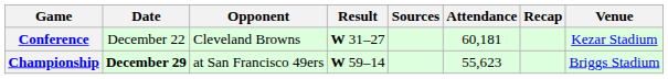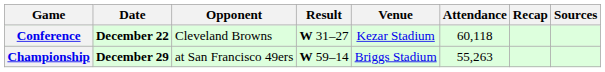 <table class="wikitable" style="text-align:center">
 <tr>
 <th>Game</th>
 <th>Date</th>
 <th>Opponent</th>
 <th>Result</th>
-<th>Sources</th>
+<th>Venue</th>
 <th>Attendance</th>
 <th>Recap</th>
-<th>Venue</th>
+<th>Sources</th>
 </tr>
 <tr style="background: #ddffdd;">
 <th><a href='#'>Conference</a></th>
-<td>December 22</td>
+<td><strong>December 22</strong></td>
 <td style="text-align: left;">Cleveland Browns</td>
 <td><strong>W</strong> 31–27</td>
+<td><a href='#'>Kezar Stadium</a></td>
+<td>60,118</td>
 <td></td>
-<td>60,181</td>
 <td></td>
-<td><a href='#'>Kezar Stadium</a></td>
 </tr>
 <tr style="background: #ddffdd;">
 <th><a href='#'>Championship</a></th>
 <td><strong>December 29</strong></td>
 <td style="text-align: left;">at San Francisco 49ers</td>
 <td><strong>W</strong> 59–14</td>
+<td><a href='#'>Briggs Stadium</a></td>
+<td>55,263</td>
 <td></td>
-<td>55,623</td>
 <td></td>
-<td><a href='#'>Briggs Stadium</a></td>
 </tr>
 </table>
